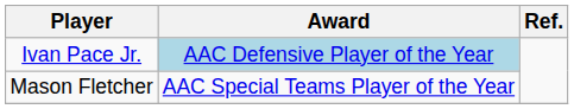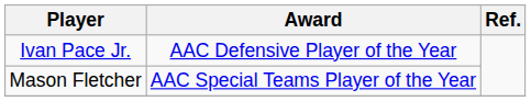 <table class="wikitable sortable sortable" style="text-align: center">
 <tr align=center>
 <th>Player</th>
 <th>Award</th>
 <th>Ref.</th>
 </tr>
 <tr>
 <td><a href='#'>Ivan Pace Jr.</a></td>
-<td style="background: lightblue;"><a href='#'>AAC Defensive Player of the Year</a></td>
+<td><a href='#'>AAC Defensive Player of the Year</a></td>
 <td rowspan="2"></td>
 </tr>
 <tr>
 <td>Mason Fletcher</td>
 <td><a href='#'>AAC Special Teams Player of the Year</a></td>
 </tr>
 <tr>
 </tr>
 </table>
